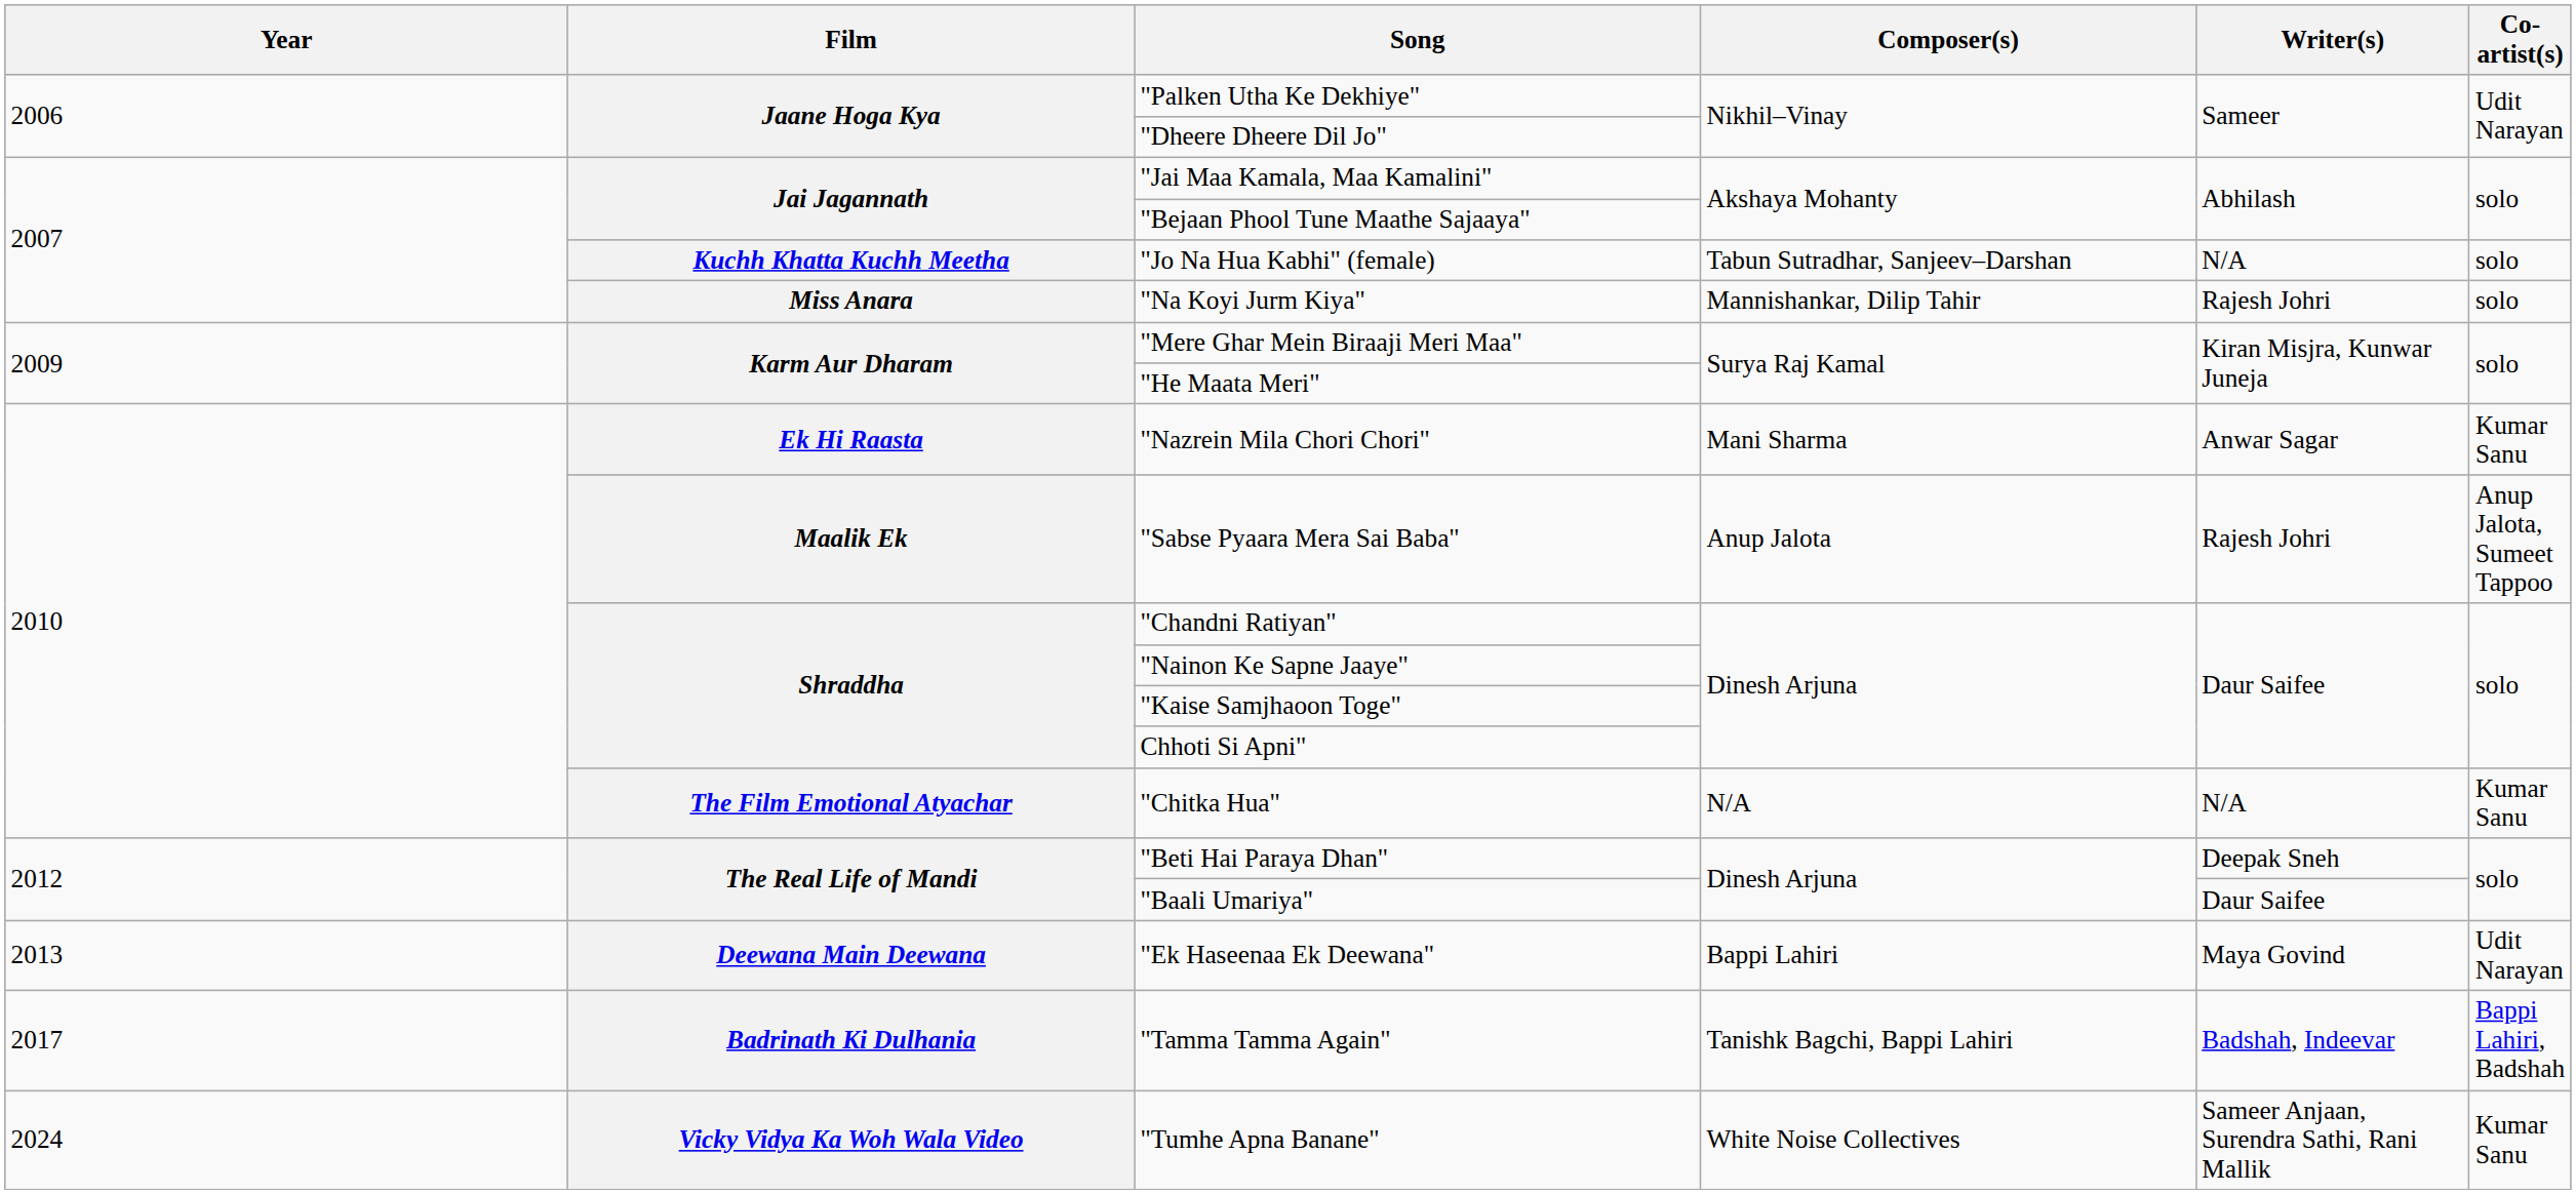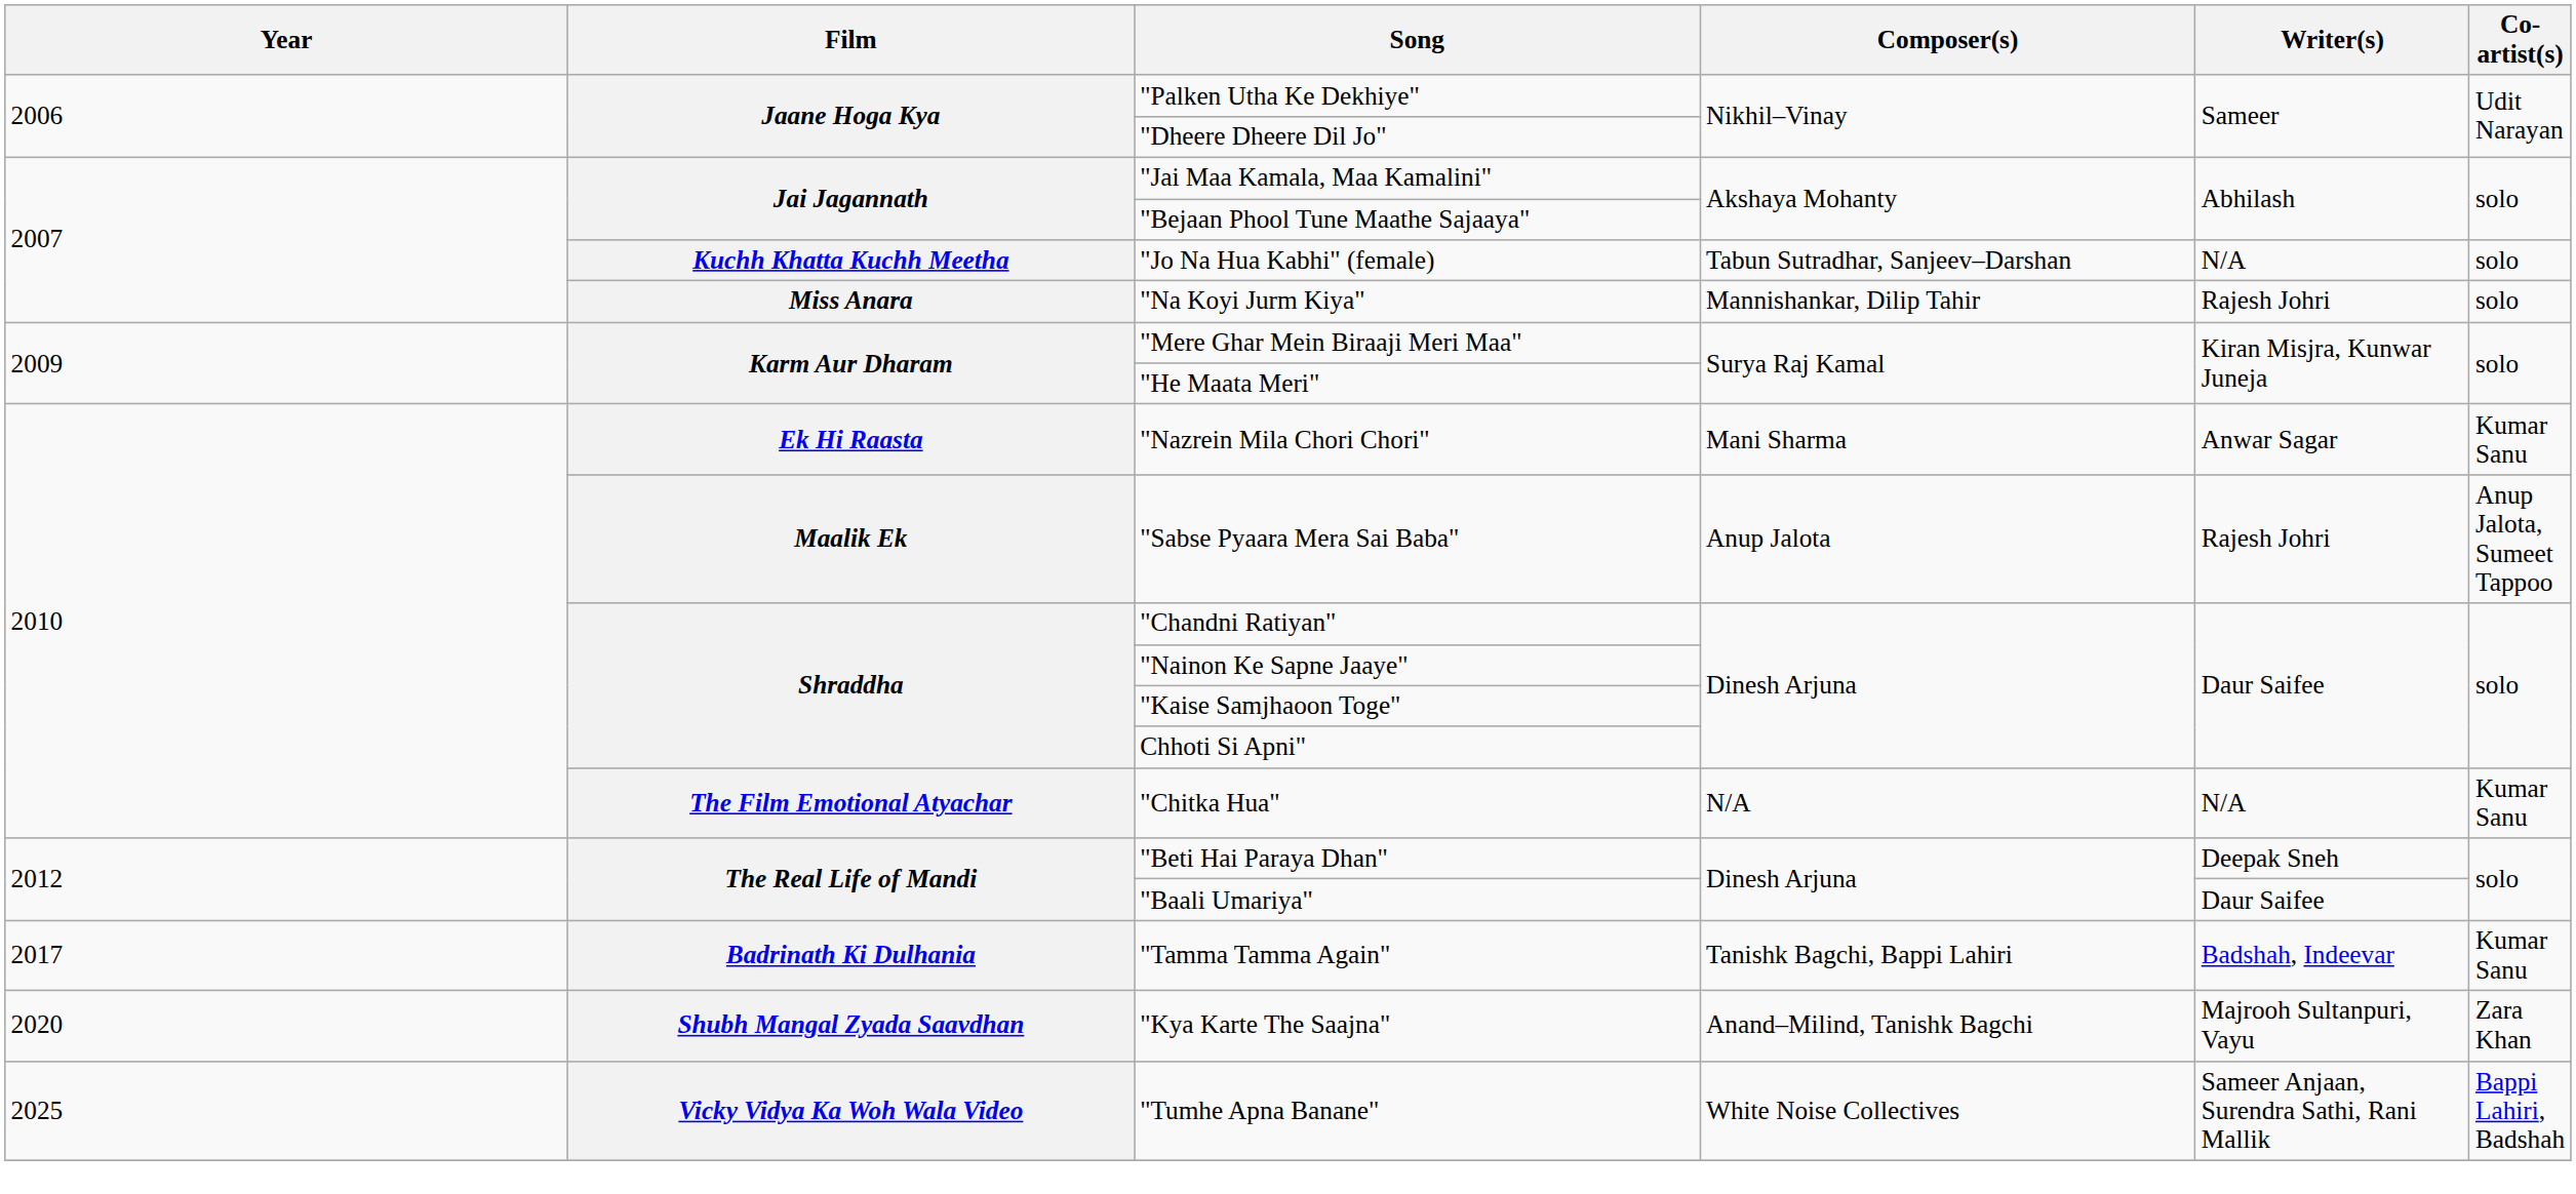 <table class="wikitable plainrowheaders" style="width:100%; textcolor:#000">
 <tr style="background:#b0e0e66;">
 <th scope="col" style="width:23%;"><strong>Year</strong></th>
 <th scope="col" style="width:23%;"><strong>Film</strong></th>
 <th scope="col" style="width:23%;"><strong>Song</strong></th>
 <th scope="col" style="width:20%;"><strong>Composer(s)</strong></th>
 <th scope="col" style="width:16%;"><strong>Writer(s)</strong></th>
 <th scope="col" style="width:18%;"><strong>Co-artist(s)</strong></th>
 </tr>
 <tr>
 <td rowspan=2>2006</td>
 <th Rowspan=2><em>Jaane Hoga Kya</em></th>
 <td>"Palken Utha Ke Dekhiye"</td>
 <td rowspan=2>Nikhil–Vinay</td>
 <td rowspan=2>Sameer</td>
 <td rowspan=2>Udit Narayan</td>
 </tr>
 <tr>
 <td>"Dheere Dheere Dil Jo"</td>
 </tr>
 <tr>
 <td rowspan=4>2007</td>
 <th Rowspan=2><em>Jai Jagannath</em></th>
 <td>"Jai Maa Kamala, Maa Kamalini"</td>
 <td rowspan=2>Akshaya Mohanty</td>
 <td rowspan=2>Abhilash</td>
 <td rowspan=2>solo</td>
 </tr>
 <tr>
 <td>"Bejaan Phool Tune Maathe Sajaaya"</td>
 </tr>
 <tr>
 <th><em><a href='#'>Kuchh Khatta Kuchh Meetha</a></em></th>
 <td>"Jo Na Hua Kabhi" (female)</td>
 <td>Tabun Sutradhar, Sanjeev–Darshan</td>
 <td>N/A</td>
 <td>solo</td>
 </tr>
 <tr>
 <th><em>Miss Anara</em></th>
 <td>"Na Koyi Jurm Kiya"</td>
 <td>Mannishankar, Dilip Tahir</td>
 <td>Rajesh Johri</td>
 <td>solo</td>
 </tr>
 <tr>
 <td rowspan=2>2009</td>
 <th Rowspan=2><em>Karm Aur Dharam</em></th>
 <td>"Mere Ghar Mein Biraaji Meri Maa"</td>
 <td rowspan=2>Surya Raj Kamal</td>
 <td rowspan=2>Kiran Misjra, Kunwar Juneja</td>
 <td rowspan=2>solo</td>
 </tr>
 <tr>
 <td>"He Maata Meri"</td>
 </tr>
 <tr>
 <td rowspan=7>2010</td>
 <th><em><a href='#'>Ek Hi Raasta</a></em></th>
 <td>"Nazrein Mila Chori Chori"</td>
 <td>Mani Sharma</td>
 <td>Anwar Sagar</td>
 <td>Kumar Sanu</td>
 </tr>
 <tr>
 <th><em>Maalik Ek</em></th>
 <td>"Sabse Pyaara Mera Sai Baba"</td>
 <td>Anup Jalota</td>
 <td>Rajesh Johri</td>
 <td>Anup Jalota, Sumeet Tappoo</td>
 </tr>
 <tr>
 <th Rowspan=4><em>Shraddha</em></th>
 <td>"Chandni Ratiyan"</td>
 <td rowspan=4>Dinesh Arjuna</td>
 <td rowspan=4>Daur Saifee</td>
 <td rowspan=4>solo</td>
 </tr>
 <tr>
 <td>"Nainon Ke Sapne Jaaye"</td>
 </tr>
 <tr>
 <td>"Kaise Samjhaoon Toge"</td>
 </tr>
 <tr>
 <td>Chhoti Si Apni"</td>
 </tr>
 <tr>
 <th><em><a href='#'>The Film Emotional Atyachar</a></em></th>
 <td>"Chitka Hua"</td>
 <td>N/A</td>
 <td>N/A</td>
 <td>Kumar Sanu</td>
 </tr>
 <tr>
 <td rowspan=2>2012</td>
 <th Rowspan=2><em>The Real Life of Mandi</em></th>
 <td>"Beti Hai Paraya Dhan"</td>
 <td rowspan=2>Dinesh Arjuna</td>
 <td>Deepak Sneh</td>
 <td rowspan=2>solo</td>
 </tr>
 <tr>
 <td>"Baali Umariya"</td>
 <td>Daur Saifee</td>
 </tr>
 <tr>
-<td Rowspan=1>2013</td>
-<th><em><a href='#'>Deewana Main Deewana</a></em></th>
-<td>"Ek Haseenaa Ek Deewana"</td>
-<td>Bappi Lahiri</td>
-<td>Maya Govind</td>
-<td>Udit Narayan</td>
-</tr>
-<tr>
 <td rowspan=1>2017</td>
 <th><em><a href='#'>Badrinath Ki Dulhania</a></em></th>
 <td>"Tamma Tamma Again"</td>
 <td>Tanishk Bagchi, Bappi Lahiri</td>
 <td><a href='#'>Badshah</a>, <a href='#'>Indeevar</a></td>
-<td><a href='#'>Bappi Lahiri</a>, Badshah</td>
+<td>Kumar Sanu</td>
 </tr>
 <tr>
-<td>2024</td>
+<td>2020</td>
+<th><em><a href='#'>Shubh Mangal Zyada Saavdhan</a></em></th>
+<td>"Kya Karte The Saajna"</td>
+<td>Anand–Milind, Tanishk Bagchi</td>
+<td>Majrooh Sultanpuri, Vayu</td>
+<td>Zara Khan</td>
+</tr>
+<tr>
+<td>2025</td>
 <th><em><a href='#'>Vicky Vidya Ka Woh Wala Video</a></em></th>
 <td>"Tumhe Apna Banane"</td>
 <td>White Noise Collectives</td>
 <td>Sameer Anjaan, Surendra Sathi, Rani Mallik</td>
-<td>Kumar Sanu</td>
+<td><a href='#'>Bappi Lahiri</a>, Badshah</td>
 </tr>
 <tr>
 </tr>
 </table>
